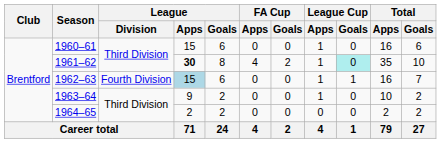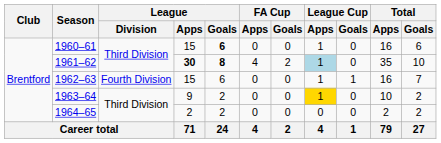 <table class="wikitable" style="text-align: center;">
 <tr>
 <th rowspan="2">Club</th>
 <th rowspan="2">Season</th>
 <th colspan="3">League</th>
 <th colspan="2">FA Cup</th>
 <th colspan="2">League Cup</th>
 <th colspan="2">Total</th>
 </tr>
 <tr>
 <th>Division</th>
 <th>Apps</th>
 <th>Goals</th>
 <th>Apps</th>
 <th>Goals</th>
 <th>Apps</th>
 <th>Goals</th>
 <th>Apps</th>
 <th>Goals</th>
 </tr>
 <tr>
 <td rowspan="5"><a href='#'>Brentford</a></td>
 <td><a href='#'>1960–61</a></td>
 <td rowspan="2"><a href='#'>Third Division</a></td>
 <td>15</td>
-<td>6</td>
+<td><strong>6</strong></td>
 <td>0</td>
 <td>0</td>
 <td>1</td>
 <td>0</td>
 <td>16</td>
 <td>6</td>
 </tr>
 <tr>
 <td><a href='#'>1961–62</a></td>
 <td><strong>30</strong></td>
-<td>8</td>
+<td><strong>8</strong></td>
 <td>4</td>
 <td>2</td>
-<td>1</td>
-<td style="background: paleturquoise;">0</td>
+<td style="background: lightblue;">1</td>
+<td>0</td>
 <td>35</td>
 <td>10</td>
 </tr>
 <tr>
 <td><a href='#'>1962–63</a></td>
 <td><a href='#'>Fourth Division</a></td>
-<td style="background: lightblue;">15</td>
+<td>15</td>
 <td>6</td>
 <td>0</td>
 <td>0</td>
 <td>1</td>
 <td>1</td>
 <td>16</td>
 <td>7</td>
 </tr>
 <tr>
 <td><a href='#'>1963–64</a></td>
 <td rowspan="2">Third Division</td>
 <td>9</td>
 <td>2</td>
 <td>0</td>
 <td>0</td>
-<td>1</td>
+<td style="background: gold;">1</td>
 <td>0</td>
 <td>10</td>
 <td>2</td>
 </tr>
 <tr>
 <td><a href='#'>1964–65</a></td>
 <td>2</td>
 <td>2</td>
 <td>0</td>
 <td>0</td>
 <td>0</td>
 <td>0</td>
 <td>2</td>
 <td>2</td>
 </tr>
 <tr>
 <th colspan="3">Career total</th>
 <th>71</th>
 <th>24</th>
 <th>4</th>
 <th>2</th>
 <th>4</th>
 <th>1</th>
 <th>79</th>
 <th>27</th>
 </tr>
 </table>
